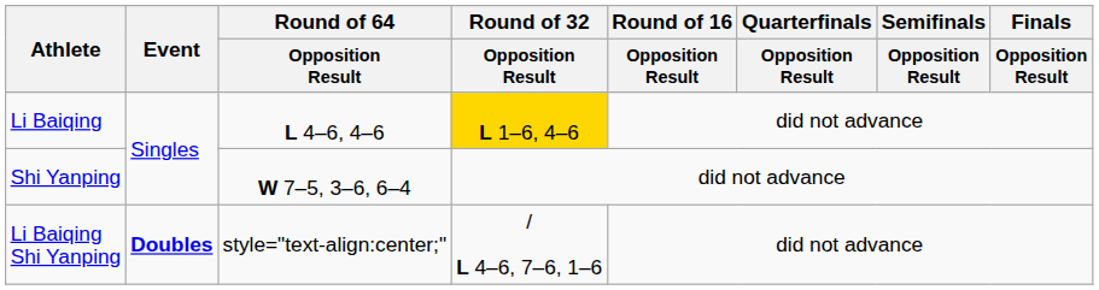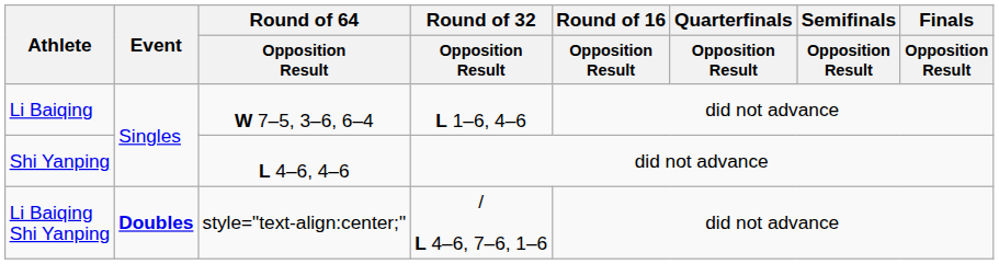 <table class=wikitable style="font-size:90%">
 <tr>
 <th rowspan="2">Athlete</th>
 <th rowspan="2">Event</th>
 <th>Round of 64</th>
 <th>Round of 32</th>
 <th>Round of 16</th>
 <th>Quarterfinals</th>
 <th>Semifinals</th>
 <th>Finals</th>
 </tr>
 <tr>
 <th style="line-height:1em"><small>Opposition<br>Result</small></th>
 <th style="line-height:1em"><small>Opposition<br>Result</small></th>
 <th style="line-height:1em"><small>Opposition<br>Result</small></th>
 <th style="line-height:1em"><small>Opposition<br>Result</small></th>
 <th style="line-height:1em"><small>Opposition<br>Result</small></th>
 <th style="line-height:1em"><small>Opposition<br>Result</small></th>
 </tr>
 <tr>
 <td><a href='#'>Li Baiqing</a></td>
 <td rowspan="2"><a href='#'>Singles</a></td>
-<td style="text-align:center;"><br><strong>L</strong> 4–6, 4–6</td>
-<td style="background: gold; text-align:center;"><br><strong>L</strong> 1–6, 4–6</td>
+<td style="text-align:center;"><br><strong>W</strong> 7–5, 3–6, 6–4</td>
+<td style="text-align:center;"><br><strong>L</strong> 1–6, 4–6</td>
 <td style="text-align:center;" colspan="4">did not advance</td>
 </tr>
 <tr>
 <td><a href='#'>Shi Yanping</a></td>
-<td style="text-align:center;"><br><strong>W</strong> 7–5, 3–6, 6–4</td>
+<td style="text-align:center;"><br><strong>L</strong> 4–6, 4–6</td>
 <td style="text-align:center;" colspan="5">did not advance</td>
 </tr>
 <tr>
 <td><a href='#'>Li Baiqing</a><br> <a href='#'>Shi Yanping</a></td>
 <td><strong><a href='#'>Doubles</a></strong></td>
 <td>style="text-align:center;" </td>
 <td style="text-align:center;"> /<br> <br><strong>L</strong> 4–6, 7–6, 1–6</td>
 <td style="text-align:center;" colspan="4">did not advance</td>
 </tr>
 </table>
